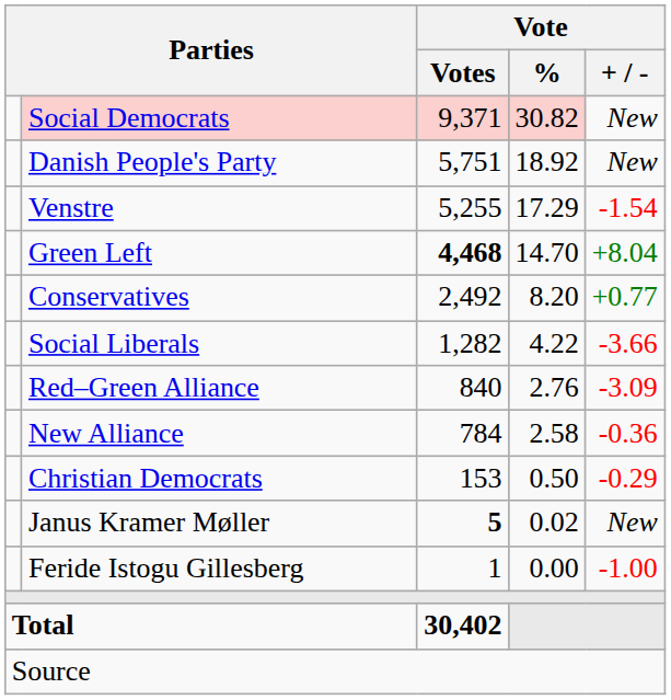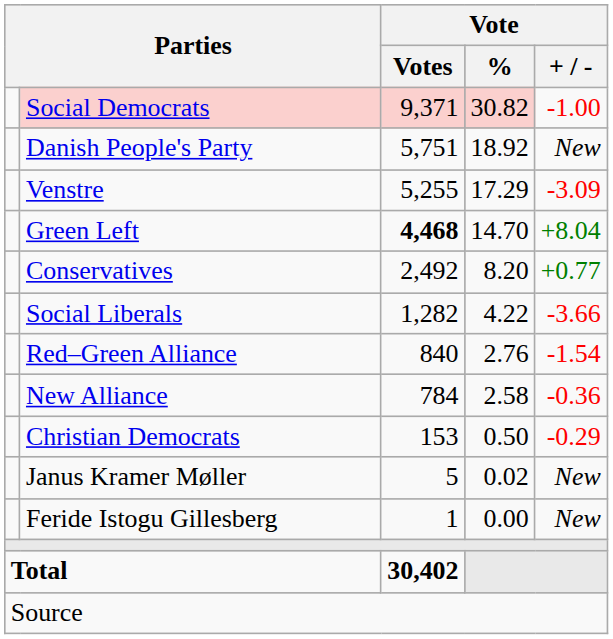 <table class="wikitable" style="text-align:right;">
 <tr>
 <th style="text-align:centre;" rowspan="2" colspan="2" width="225">Parties</th>
 <th colspan="3">Vote</th>
 </tr>
 <tr>
 <th width="15">Votes</th>
 <th width="15">%</th>
 <th width="15">+ / -</th>
 </tr>
 <tr>
 <td width="2" style="color:inherit;background:"></td>
 <td bgcolor=#fbd0ce  align="left"><a href='#'>Social Democrats</a></td>
 <td bgcolor=#fbd0ce>9,371</td>
 <td bgcolor=#fbd0ce>30.82</td>
-<td><em>New</em></td>
+<td style=color:red;>-1.00</td>
 </tr>
 <tr>
 <td width="2" style="color:inherit;background:"></td>
 <td align="left"><a href='#'>Danish People's Party</a></td>
 <td>5,751</td>
 <td>18.92</td>
 <td><em>New</em></td>
 </tr>
 <tr>
 <td width="2" style="color:inherit;background:"></td>
 <td align="left"><a href='#'>Venstre</a></td>
 <td>5,255</td>
 <td>17.29</td>
-<td style=color:red;>-1.54</td>
+<td style=color:red;>-3.09</td>
 </tr>
 <tr>
 <td width="2" style="color:inherit;background:"></td>
 <td align="left"><a href='#'>Green Left</a></td>
 <td><strong>4,468</strong></td>
 <td>14.70</td>
 <td style=color:green;>+8.04</td>
 </tr>
 <tr>
 <td width="2" style="color:inherit;background:"></td>
 <td align="left"><a href='#'>Conservatives</a></td>
 <td>2,492</td>
 <td>8.20</td>
 <td style=color:green;>+0.77</td>
 </tr>
 <tr>
 <td width="2" style="color:inherit;background:"></td>
 <td align="left"><a href='#'>Social Liberals</a></td>
 <td>1,282</td>
 <td>4.22</td>
 <td style=color:red;>-3.66</td>
 </tr>
 <tr>
 <td width="2" style="color:inherit;background:"></td>
 <td align="left"><a href='#'>Red–Green Alliance</a></td>
 <td>840</td>
 <td>2.76</td>
-<td style=color:red;>-3.09</td>
+<td style=color:red;>-1.54</td>
 </tr>
 <tr>
 <td width="2" style="color:inherit;background:"></td>
 <td align="left"><a href='#'>New Alliance</a></td>
 <td>784</td>
 <td>2.58</td>
 <td style=color:red;>-0.36</td>
 </tr>
 <tr>
 <td width="2" style="color:inherit;background:"></td>
 <td align="left"><a href='#'>Christian Democrats</a></td>
 <td>153</td>
 <td>0.50</td>
 <td style=color:red;>-0.29</td>
 </tr>
 <tr>
 <td width="2" style="color:inherit;background:"></td>
 <td align="left">Janus Kramer Møller</td>
-<td><strong>5</strong></td>
+<td>5</td>
 <td>0.02</td>
 <td><em>New</em></td>
 </tr>
 <tr>
 <td width="2" style="color:inherit;background:"></td>
 <td align="left">Feride Istogu Gillesberg</td>
 <td>1</td>
 <td>0.00</td>
-<td style=color:red;>-1.00</td>
+<td><em>New</em></td>
 </tr>
 <tr>
 <td colspan="7" bgcolor="#E9E9E9"></td>
 </tr>
 <tr>
 <td align="left" colspan="2"><strong>Total</strong></td>
 <td><strong>30,402</strong></td>
 <td bgcolor="#E9E9E9" colspan="2"></td>
 </tr>
 <tr>
 <td align="left" colspan="6">Source</td>
 </tr>
 </table>
